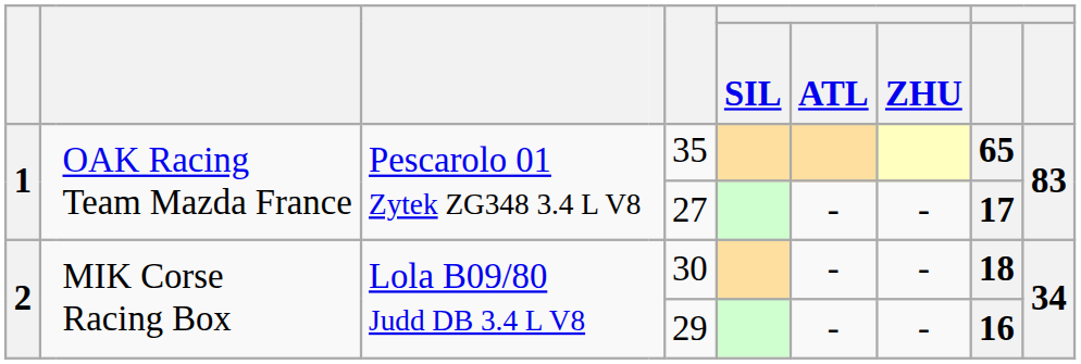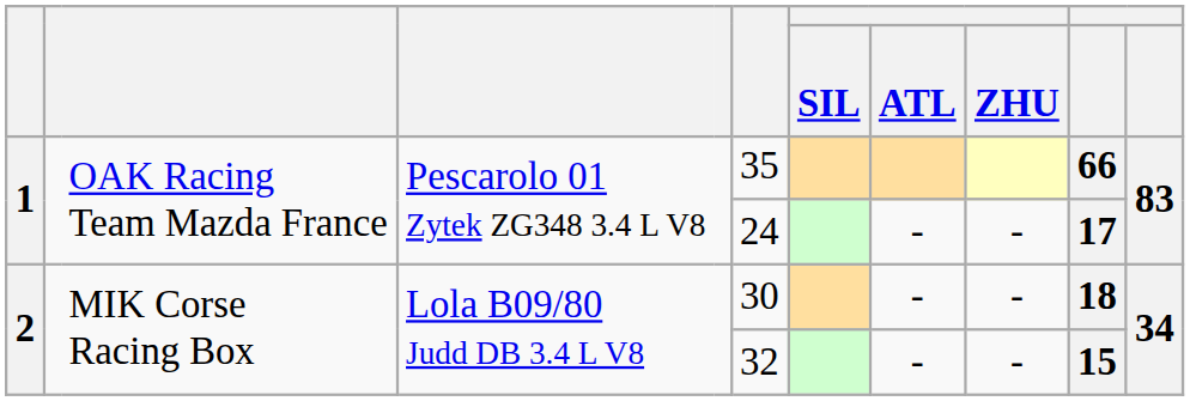 <table class="wikitable" style="text-align:center; font-size:90%">
 <tr>
 <th rowspan=2></th>
 <th rowspan=2 colspan=2></th>
 <th rowspan=2 style="border-right:0px"><br><small></small></th>
 <th rowspan=2 style="border-left:0px"></th>
 <th rowspan=2></th>
 <th colspan=3></th>
 <th colspan=2></th>
 </tr>
 <tr>
 <th><br><a href='#'>SIL</a></th>
 <th><br><a href='#'>ATL</a></th>
 <th><br><a href='#'>ZHU</a></th>
 <th></th>
 <th></th>
 </tr>
 <tr>
 <th rowspan=2>1</th>
 <td rowspan=2 style="border-right:0px"></td>
 <td rowspan=2 align=left style="border-left:0px"><a href='#'>OAK Racing</a><br>Team Mazda France</td>
 <td rowspan=2 align=left style="border-right:0px"><a href='#'>Pescarolo 01</a><br><small><a href='#'>Zytek</a> ZG348 3.4 L V8</small></td>
 <td rowspan=2 style="border-left:0px"></td>
 <td>35</td>
 <td style="background:#FFdF9F;"></td>
 <td style="background:#FFdF9F;"></td>
 <td style="background:#FFFFbF;"></td>
-<th>65</th>
+<th>66</th>
 <th rowspan=2>83</th>
 </tr>
 <tr>
-<td>27</td>
+<td>24</td>
 <td style="background:#cFFFcF;"></td>
 <td>-</td>
 <td>-</td>
 <th>17</th>
 </tr>
 <tr>
 <th rowspan=2>2</th>
 <td rowspan=2 style="border-right:0px"></td>
 <td rowspan=2 align=left style="border-left:0px">MIK Corse<br>Racing Box</td>
 <td rowspan=2 align=left style="border-right:0px"><a href='#'>Lola B09/80</a><br><small><a href='#'>Judd DB 3.4 L V8</a></small></td>
 <td rowspan=2 style="border-left:0px"></td>
 <td>30</td>
 <td style="background:#FFdF9F;"></td>
 <td>-</td>
 <td>-</td>
 <th>18</th>
 <th rowspan=2>34</th>
 </tr>
 <tr>
-<td>29</td>
+<td>32</td>
 <td style="background:#cFFFcF;"></td>
 <td>-</td>
 <td>-</td>
-<th>16</th>
+<th>15</th>
 </tr>
 </table>
